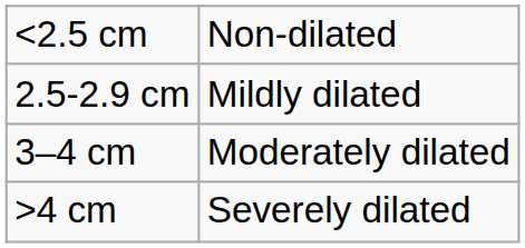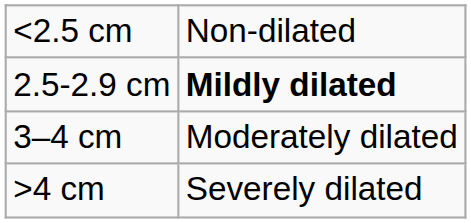 <table class="wikitable" align="right">
 <tr>
 <td><2.5 cm</td>
 <td>Non-dilated</td>
 </tr>
 <tr>
 <td>2.5-2.9 cm</td>
-<td>Mildly dilated</td>
+<td><strong>Mildly dilated</strong></td>
 </tr>
 <tr>
 <td>3–4 cm</td>
 <td>Moderately dilated</td>
 </tr>
 <tr>
 <td>>4 cm</td>
 <td>Severely dilated</td>
 </tr>
 </table>
